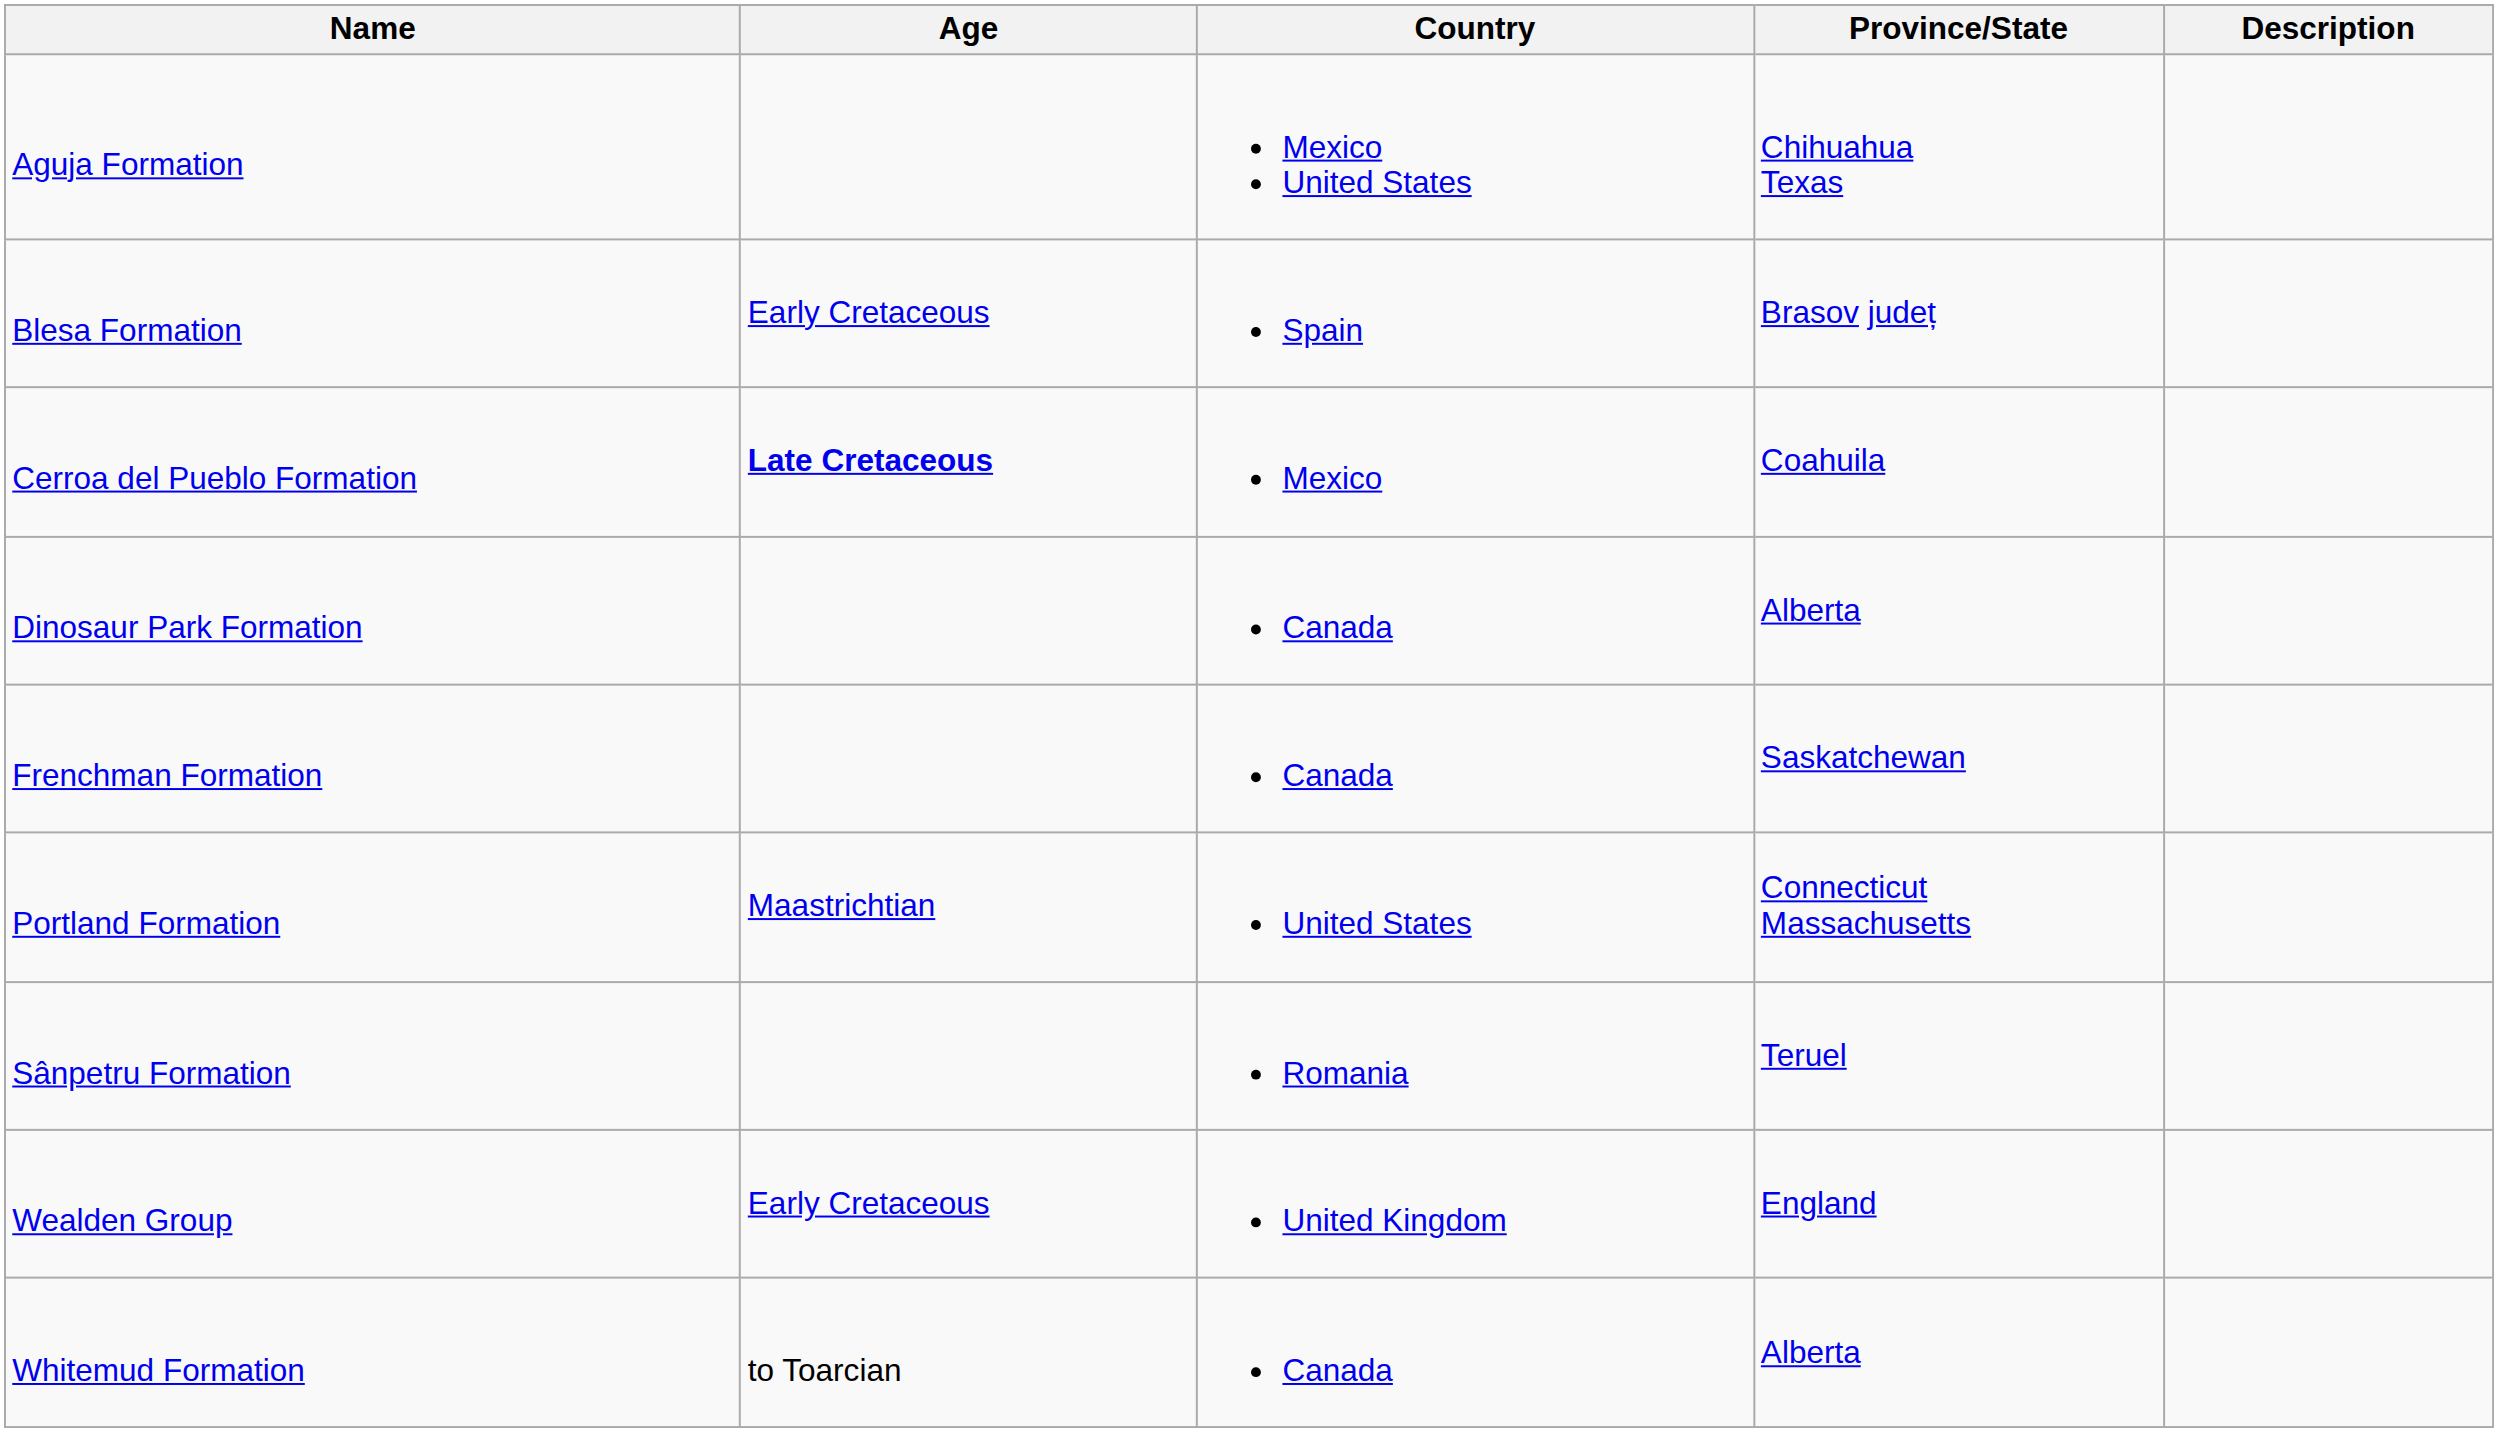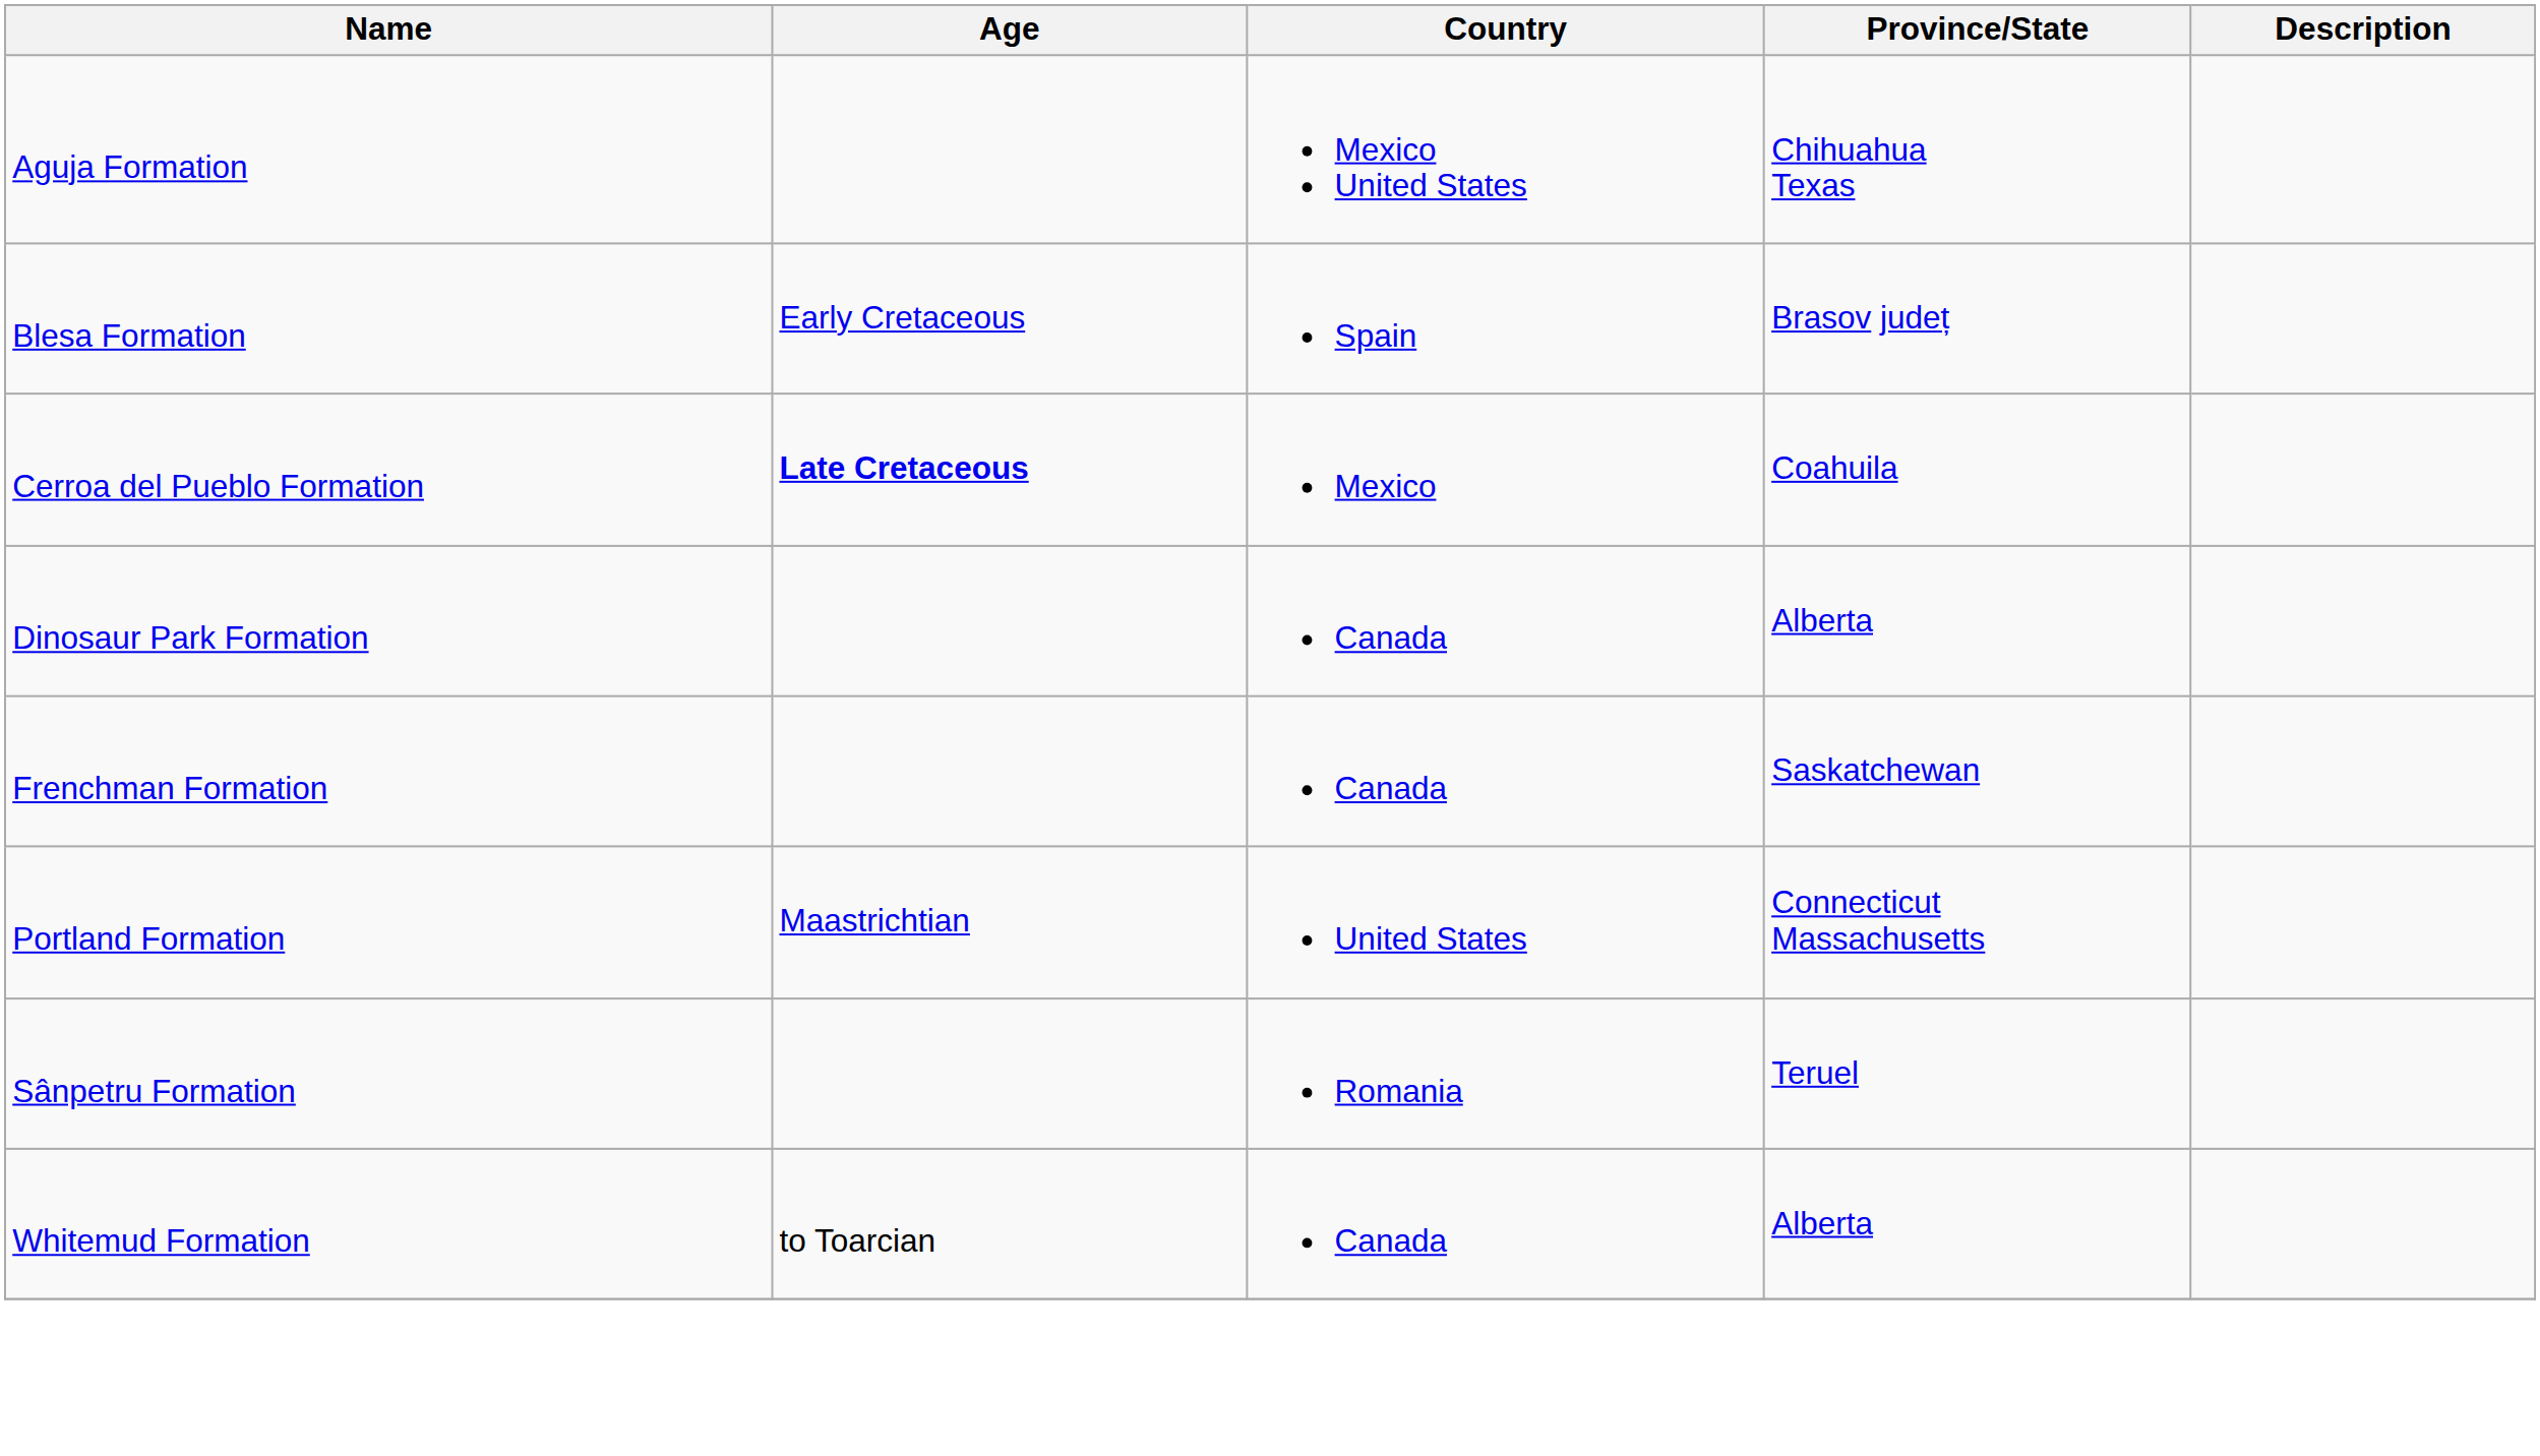 <table class="wikitable sortable" align="center" width="100%">
 <tr>
 <th>Name</th>
 <th>Age</th>
 <th>Country</th>
 <th>Province/State</th>
 <th>Description</th>
 </tr>
 <tr>
 <td><br><a href='#'>Aguja Formation</a></td>
 <td><br></td>
 <td><br><ul><li><a href='#'>Mexico</a></li><li><a href='#'>United States</a></li></ul></td>
 <td><br><a href='#'>Chihuahua</a><br> <a href='#'>Texas</a></td>
 <td></td>
 </tr>
 <tr>
 <td><br><a href='#'>Blesa Formation</a></td>
 <td><a href='#'>Early Cretaceous</a></td>
 <td><br><ul><li><a href='#'>Spain</a></li></ul></td>
 <td><a href='#'>Brasov</a> <a href='#'>județ</a></td>
 <td></td>
 </tr>
 <tr>
 <td><br><a href='#'>Cerroa del Pueblo Formation</a></td>
 <td><strong><a href='#'>Late Cretaceous</a></strong></td>
 <td><br><ul><li><a href='#'>Mexico</a></li></ul></td>
 <td><a href='#'>Coahuila</a></td>
 <td></td>
 </tr>
 <tr>
 <td><br><a href='#'>Dinosaur Park Formation</a></td>
 <td><br></td>
 <td><br><ul><li><a href='#'>Canada</a></li></ul></td>
 <td><a href='#'>Alberta</a></td>
 <td></td>
 </tr>
 <tr>
 <td><br><a href='#'>Frenchman Formation</a></td>
 <td><br></td>
 <td><br><ul><li><a href='#'>Canada</a></li></ul></td>
 <td><a href='#'>Saskatchewan</a></td>
 <td></td>
 </tr>
 <tr>
 <td><br><a href='#'>Portland Formation</a></td>
 <td><a href='#'>Maastrichtian</a></td>
 <td><br><ul><li><a href='#'>United States</a></li></ul></td>
 <td><a href='#'>Connecticut</a> <br> <a href='#'>Massachusetts</a></td>
 <td></td>
 </tr>
 <tr>
 <td><br><a href='#'>Sânpetru Formation</a></td>
 <td><br></td>
 <td><br><ul><li><a href='#'>Romania</a></li></ul></td>
 <td><a href='#'>Teruel</a></td>
 <td></td>
 </tr>
 <tr>
-<td><br><a href='#'>Wealden Group</a></td>
-<td><a href='#'>Early Cretaceous</a></td>
-<td><br><ul><li><a href='#'>United Kingdom</a></li></ul></td>
-<td><a href='#'>England</a></td>
-<td></td>
-</tr>
-<tr>
 <td><br><a href='#'>Whitemud Formation</a></td>
 <td><br> to Toarcian</td>
 <td><br><ul><li><a href='#'>Canada</a></li></ul></td>
 <td><a href='#'>Alberta</a></td>
 <td></td>
 </tr>
 <tr>
 </tr>
 </table>
